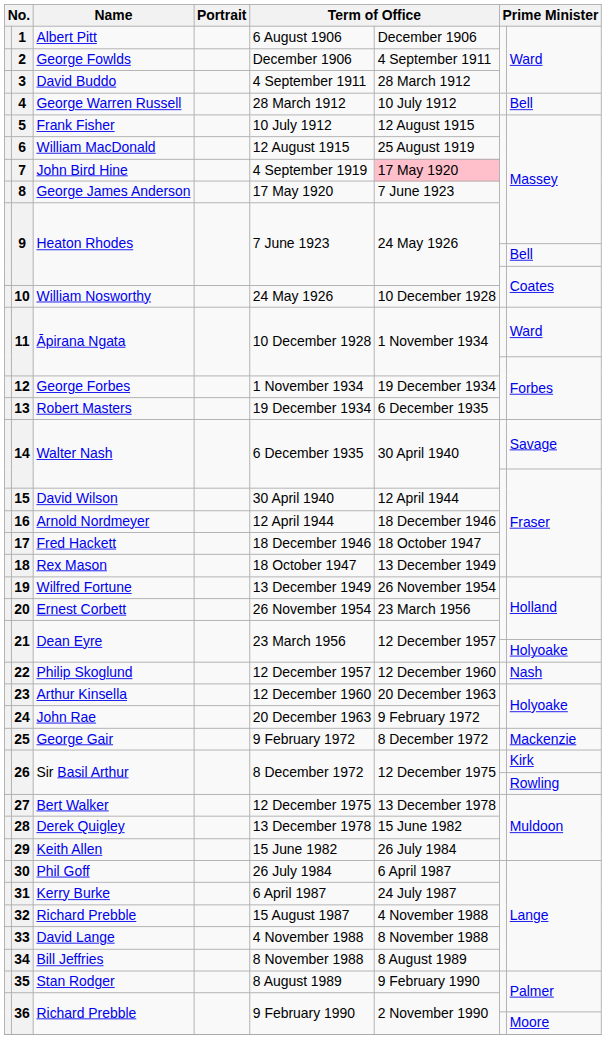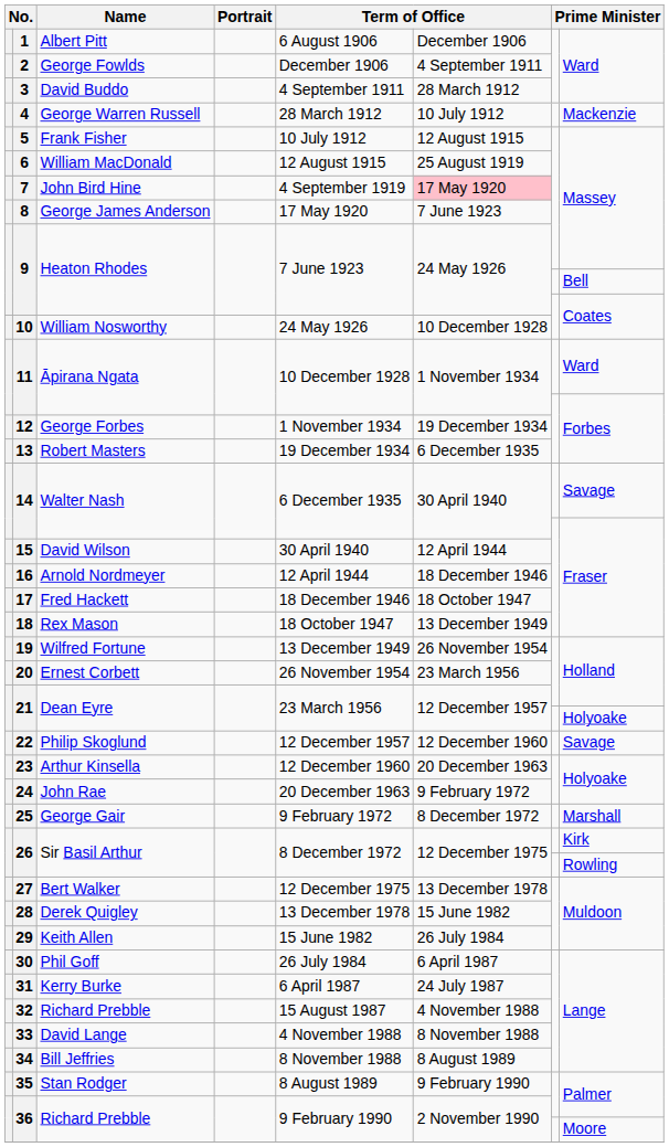 <table class="wikitable">
 <tr>
 <th colspan=2>No.</th>
 <th>Name</th>
 <th>Portrait</th>
 <th colspan=2>Term of Office</th>
 <th colspan=2>Prime Minister</th>
 </tr>
 <tr>
 <th style="color:inherit;background:"></th>
 <th>1</th>
 <td><a href='#'>Albert Pitt</a></td>
 <td></td>
 <td>6 August 1906</td>
 <td>December 1906</td>
 <td rowspan=3 style="border-bottom:solid 0 grey; background:"></td>
 <td rowspan=3><a href='#'>Ward</a></td>
 </tr>
 <tr>
 <th style="color:inherit;background:"></th>
 <th>2</th>
 <td><a href='#'>George Fowlds</a></td>
 <td></td>
 <td>December 1906</td>
 <td>4 September 1911</td>
 </tr>
 <tr>
 <th style="color:inherit;background:"></th>
 <th>3</th>
 <td><a href='#'>David Buddo</a></td>
 <td></td>
 <td>4 September 1911</td>
 <td>28 March 1912</td>
 </tr>
 <tr>
 <th style="color:inherit;background:"></th>
 <th>4</th>
 <td><a href='#'>George Warren Russell</a></td>
 <td></td>
 <td>28 March 1912</td>
 <td>10 July 1912</td>
 <td width=1 style="color:inherit;background:"></td>
-<td><a href='#'>Bell</a></td>
+<td><a href='#'>Mackenzie</a></td>
 </tr>
 <tr>
 <th style="color:inherit;background:"></th>
 <th>5</th>
 <td><a href='#'>Frank Fisher</a></td>
 <td></td>
 <td>10 July 1912</td>
 <td>12 August 1915</td>
 <td rowspan=4 style="border-bottom:solid 0 grey; background:"></td>
 <td rowspan=5><a href='#'>Massey</a></td>
 </tr>
 <tr>
 <th style="color:inherit;background:"></th>
 <th>6</th>
 <td><a href='#'>William MacDonald</a></td>
 <td></td>
 <td>12 August 1915</td>
 <td>25 August 1919</td>
 </tr>
 <tr>
 <th style="color:inherit;background:"></th>
 <th>7</th>
 <td><a href='#'>John Bird Hine</a></td>
 <td></td>
 <td>4 September 1919</td>
 <td style="background: pink;">17 May 1920</td>
 </tr>
 <tr>
 <th style="color:inherit;background:"></th>
 <th>8</th>
 <td><a href='#'>George James Anderson</a></td>
 <td></td>
 <td>17 May 1920</td>
 <td>7 June 1923</td>
 </tr>
 <tr>
 <th rowspan=3 style="color:inherit;background:"></th>
 <th rowspan=3>9</th>
 <td rowspan=3><a href='#'>Heaton Rhodes</a></td>
 <td rowspan=3></td>
 <td rowspan=3>7 June 1923</td>
 <td rowspan=3>24 May 1926</td>
 <td height=40 style="border-top:solid 0 grey; background:"></td>
 </tr>
 <tr>
 <td height=15 style="color:inherit;background:"></td>
 <td><a href='#'>Bell</a></td>
 </tr>
 <tr>
 <td height=15 style="border-bottom:solid 0 grey; background:"></td>
 <td rowspan=2><a href='#'>Coates</a></td>
 </tr>
 <tr>
 <th style="color:inherit;background:"></th>
 <th>10</th>
 <td><a href='#'>William Nosworthy</a></td>
 <td></td>
 <td>24 May 1926</td>
 <td>10 December 1928</td>
 <td style="border-top:solid 0 grey; background:"></td>
 </tr>
 <tr>
 <th height=50 style="border-bottom:solid 0 grey; background:"></th>
 <th rowspan=2>11</th>
 <td rowspan=2><a href='#'>Āpirana Ngata</a></td>
 <td rowspan=2></td>
 <td rowspan=2>10 December 1928</td>
 <td rowspan=2>1 November 1934</td>
 <td style="color:inherit;background:"></td>
 <td><a href='#'>Ward</a></td>
 </tr>
 <tr>
 <th height=15 style="border-top:solid 0 grey; background:"></th>
 <td style="border-bottom:solid 0 grey; background:"></td>
 <td rowspan=3><a href='#'>Forbes</a></td>
 </tr>
 <tr>
 <th style="color:inherit;background:"></th>
 <th>12</th>
 <td><a href='#'>George Forbes</a></td>
 <td></td>
 <td>1 November 1934</td>
 <td>19 December 1934</td>
 <td rowspan=2 style="border-top:solid 0 grey; background:"></td>
 </tr>
 <tr>
 <th style="color:inherit;background:"></th>
 <th>13</th>
 <td><a href='#'>Robert Masters</a></td>
 <td></td>
 <td>19 December 1934</td>
 <td>6 December 1935</td>
 </tr>
 <tr>
 <th height=50 style="border-bottom:solid 0 grey; background:"></th>
 <th rowspan=2>14</th>
 <td rowspan=2><a href='#'>Walter Nash</a></td>
 <td rowspan=2></td>
 <td rowspan=2>6 December 1935</td>
 <td rowspan=2>30 April 1940</td>
 <td style="color:inherit;background:"></td>
 <td><a href='#'>Savage</a></td>
 </tr>
 <tr>
 <th height=15 style="border-top:solid 0 grey; background:"></th>
 <td style="border-bottom:solid 0 grey; background:"></td>
 <td rowspan=5><a href='#'>Fraser</a></td>
 </tr>
 <tr>
 <th style="color:inherit;background:"></th>
 <th>15</th>
 <td><a href='#'>David Wilson</a></td>
 <td></td>
 <td>30 April 1940</td>
 <td>12 April 1944</td>
 <td rowspan=4 style="border-top:solid 0 grey; background:"></td>
 </tr>
 <tr>
 <th style="color:inherit;background:"></th>
 <th>16</th>
 <td><a href='#'>Arnold Nordmeyer</a></td>
 <td></td>
 <td>12 April 1944</td>
 <td>18 December 1946</td>
 </tr>
 <tr>
 <th style="color:inherit;background:"></th>
 <th>17</th>
 <td><a href='#'>Fred Hackett</a></td>
 <td></td>
 <td>18 December 1946</td>
 <td>18 October 1947</td>
 </tr>
 <tr>
 <th style="color:inherit;background:"></th>
 <th>18</th>
 <td><a href='#'>Rex Mason</a></td>
 <td></td>
 <td>18 October 1947</td>
 <td>13 December 1949</td>
 </tr>
 <tr>
 <th style="color:inherit;background:"></th>
 <th>19</th>
 <td><a href='#'>Wilfred Fortune</a></td>
 <td></td>
 <td>13 December 1949</td>
 <td>26 November 1954</td>
 <td rowspan=2 style="border-bottom:solid 0 grey; background:"></td>
 <td rowspan=3><a href='#'>Holland</a></td>
 </tr>
 <tr>
 <th style="color:inherit;background:"></th>
 <th>20</th>
 <td><a href='#'>Ernest Corbett</a></td>
 <td></td>
 <td>26 November 1954</td>
 <td>23 March 1956</td>
 </tr>
 <tr>
 <th rowspan=2 style="color:inherit;background:"></th>
 <th rowspan=2>21</th>
 <td rowspan=2><a href='#'>Dean Eyre</a></td>
 <td rowspan=2></td>
 <td rowspan=2>23 March 1956</td>
 <td rowspan=2>12 December 1957</td>
 <td height=15 style="border-top:solid 0 grey; background:"></td>
 </tr>
 <tr>
 <td height=15 style="color:inherit;background:"></td>
 <td><a href='#'>Holyoake</a></td>
 </tr>
 <tr>
 <th style="color:inherit;background:"></th>
 <th>22</th>
 <td><a href='#'>Philip Skoglund</a></td>
 <td></td>
 <td>12 December 1957</td>
 <td>12 December 1960</td>
 <td style="color:inherit;background:"></td>
-<td><a href='#'>Nash</a></td>
+<td><a href='#'>Savage</a></td>
 </tr>
 <tr>
 <th style="color:inherit;background:"></th>
 <th>23</th>
 <td><a href='#'>Arthur Kinsella</a></td>
 <td></td>
 <td>12 December 1960</td>
 <td>20 December 1963</td>
 <td rowspan=2 style="color:inherit;background:"></td>
 <td rowspan=2><a href='#'>Holyoake</a></td>
 </tr>
 <tr>
 <th style="color:inherit;background:"></th>
 <th>24</th>
 <td><a href='#'>John Rae</a></td>
 <td></td>
 <td>20 December 1963</td>
 <td>9 February 1972</td>
 </tr>
 <tr>
 <th style="color:inherit;background:"></th>
 <th>25</th>
 <td><a href='#'>George Gair</a></td>
 <td></td>
 <td>9 February 1972</td>
 <td>8 December 1972</td>
 <td style="color:inherit;background:"></td>
-<td><a href='#'>Mackenzie</a></td>
+<td><a href='#'>Marshall</a></td>
 </tr>
 <tr>
 <th rowspan=2 style="color:inherit;background:"></th>
 <th rowspan=2>26</th>
 <td rowspan=2>Sir <a href='#'>Basil Arthur</a></td>
 <td rowspan=2></td>
 <td rowspan=2>8 December 1972</td>
 <td rowspan=2>12 December 1975</td>
 <td style="color:inherit;background:"></td>
 <td><a href='#'>Kirk</a></td>
 </tr>
 <tr>
 <td style="color:inherit;background:"></td>
 <td><a href='#'>Rowling</a></td>
 </tr>
 <tr>
 <th style="color:inherit;background:"></th>
 <th>27</th>
 <td><a href='#'>Bert Walker</a></td>
 <td></td>
 <td>12 December 1975</td>
 <td>13 December 1978</td>
 <td rowspan=3 style="color:inherit;background:"></td>
 <td rowspan=3><a href='#'>Muldoon</a></td>
 </tr>
 <tr>
 <th style="color:inherit;background:"></th>
 <th>28</th>
 <td><a href='#'>Derek Quigley</a></td>
 <td></td>
 <td>13 December 1978</td>
 <td>15 June 1982</td>
 </tr>
 <tr>
 <th style="color:inherit;background:"></th>
 <th>29</th>
 <td><a href='#'>Keith Allen</a></td>
 <td></td>
 <td>15 June 1982</td>
 <td>26 July 1984</td>
 </tr>
 <tr>
 <th style="color:inherit;background:"></th>
 <th>30</th>
 <td><a href='#'>Phil Goff</a></td>
 <td></td>
 <td>26 July 1984</td>
 <td>6 April 1987</td>
 <td rowspan=5 style="color:inherit;background:"></td>
 <td rowspan=5><a href='#'>Lange</a></td>
 </tr>
 <tr>
 <th style="color:inherit;background:"></th>
 <th>31</th>
 <td><a href='#'>Kerry Burke</a></td>
 <td></td>
 <td>6 April 1987</td>
 <td>24 July 1987</td>
 </tr>
 <tr>
 <th style="color:inherit;background:"></th>
 <th>32</th>
 <td><a href='#'>Richard Prebble</a></td>
 <td></td>
 <td>15 August 1987</td>
 <td>4 November 1988</td>
 </tr>
 <tr>
 <th style="color:inherit;background:"></th>
 <th>33</th>
 <td><a href='#'>David Lange</a></td>
 <td></td>
 <td>4 November 1988</td>
 <td>8 November 1988</td>
 </tr>
 <tr>
 <th style="color:inherit;background:"></th>
 <th>34</th>
 <td><a href='#'>Bill Jeffries</a></td>
 <td></td>
 <td>8 November 1988</td>
 <td>8 August 1989</td>
 </tr>
 <tr>
 <th style="color:inherit;background:"></th>
 <th>35</th>
 <td><a href='#'>Stan Rodger</a></td>
 <td></td>
 <td>8 August 1989</td>
 <td>9 February 1990</td>
 <td rowspan="2" style="color:inherit;background:"></td>
 <td rowspan="2"><a href='#'>Palmer</a></td>
 </tr>
 <tr>
 <th height=15 style="border-bottom:solid 0 grey; background:"></th>
 <th rowspan="2">36</th>
 <td rowspan="2"><a href='#'>Richard Prebble</a></td>
 <td rowspan="2"></td>
 <td rowspan="2">9 February 1990</td>
 <td rowspan="2">2 November 1990</td>
 </tr>
 <tr>
 <th height=15 style="border-top:solid 0 grey; background:"></th>
 <td style="color:inherit;background:"></td>
 <td><a href='#'>Moore</a></td>
 </tr>
 <tr>
 </tr>
 </table>
